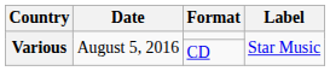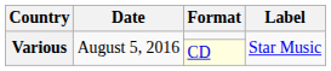 <table class="wikitable plainrowheaders">
 <tr>
 <th scope="col">Country</th>
 <th scope="col">Date</th>
 <th scope="col">Format</th>
 <th scope="col">Label</th>
 </tr>
 <tr>
 <th scope="row" rowspan="2">Various</th>
 <td rowspan="2">August 5, 2016</td>
 <td></td>
 <td rowspan="2"><a href='#'>Star Music</a></td>
 </tr>
 <tr>
-<td><a href='#'>CD</a></td>
+<td style="background: lightyellow;"><a href='#'>CD</a></td>
 </tr>
 </table>
